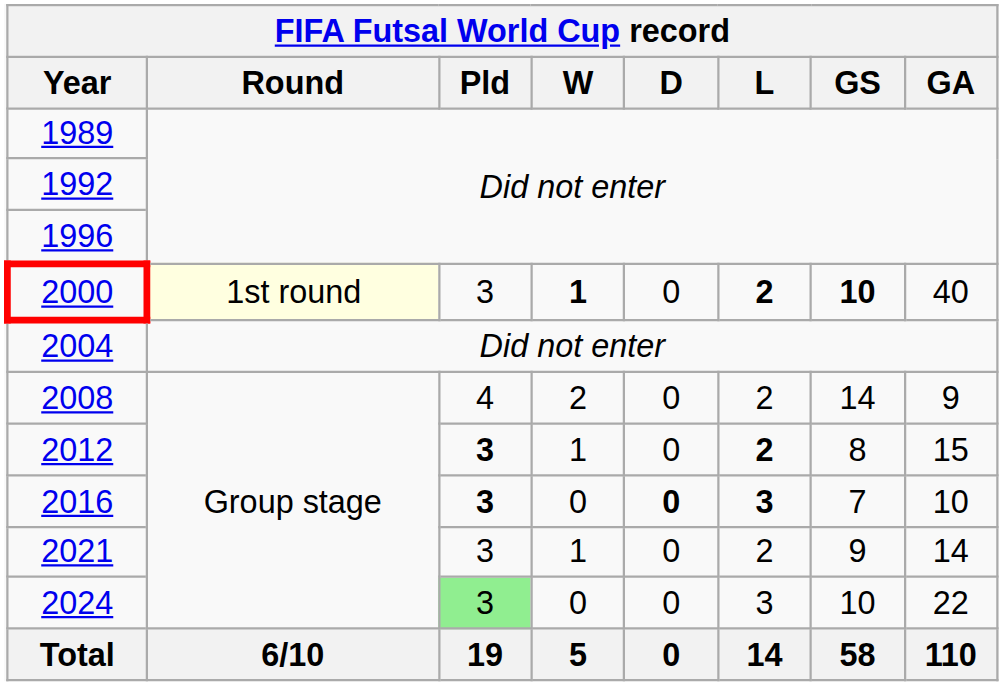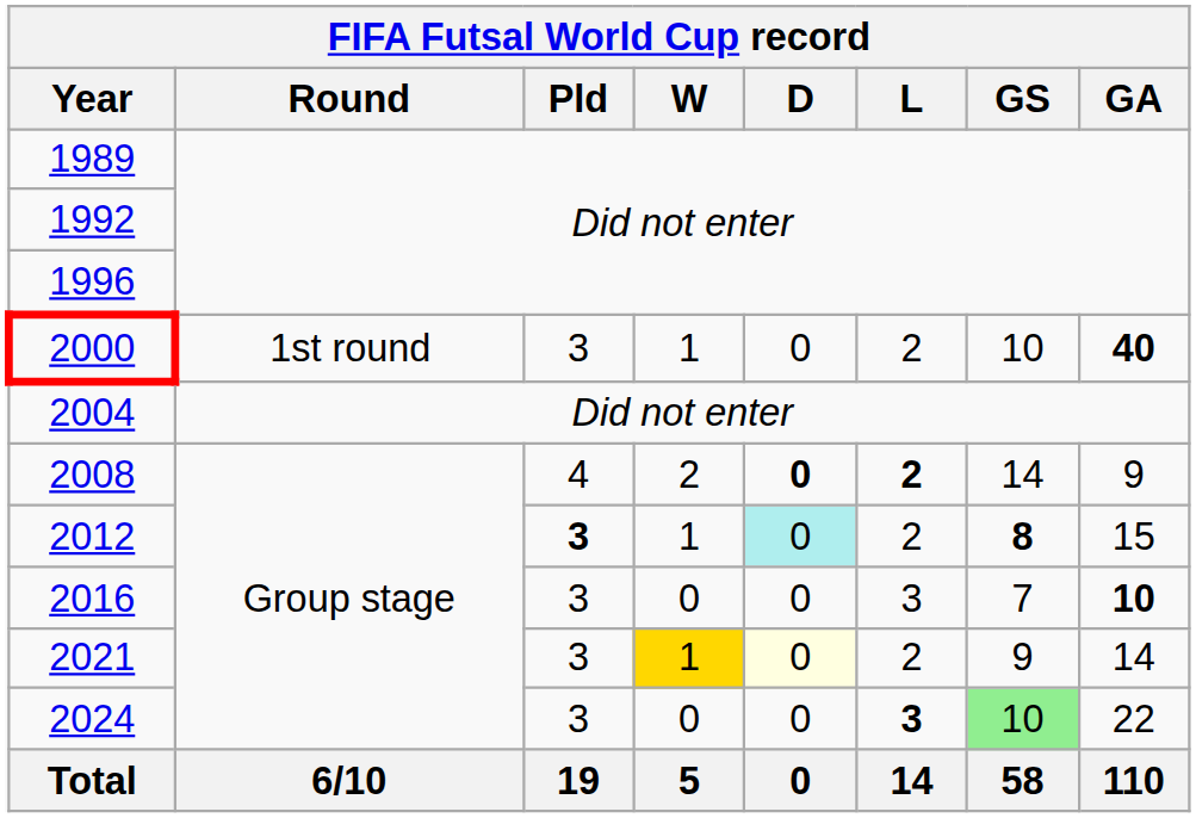 <table class="wikitable" width=50% style="text-align: center;font-size:90%;">
 <tr>
 <th colspan=9><a href='#'>FIFA Futsal World Cup</a> record</th>
 </tr>
 <tr>
 <th width=12%>Year</th>
 <th width=25%>Round</th>
 <th width=8%>Pld</th>
 <th width=8%>W</th>
 <th width=8%>D</th>
 <th width=8%>L</th>
 <th width=8%>GS</th>
 <th width=8%>GA</th>
 </tr>
 <tr>
 <td> <a href='#'>1989</a></td>
 <td rowspan=3 colspan=8><em>Did not enter</em></td>
 </tr>
 <tr>
 <td> <a href='#'>1992</a></td>
 </tr>
 <tr>
 <td> <a href='#'>1996</a></td>
 </tr>
 <tr>
 <td style="border: 3px solid red"> <a href='#'>2000</a></td>
-<td style="background: lightyellow;">1st round</td>
+<td>1st round</td>
 <td>3</td>
-<td><strong>1</strong></td>
+<td>1</td>
 <td>0</td>
-<td><strong>2</strong></td>
-<td><strong>10</strong></td>
-<td>40</td>
+<td>2</td>
+<td>10</td>
+<td><strong>40</strong></td>
 </tr>
 <tr>
 <td> <a href='#'>2004</a></td>
 <td colspan=8><em>Did not enter</em></td>
 </tr>
 <tr>
 <td> <a href='#'>2008</a></td>
 <td rowspan=5>Group stage</td>
 <td>4</td>
 <td>2</td>
-<td>0</td>
-<td>2</td>
+<td><strong>0</strong></td>
+<td><strong>2</strong></td>
 <td>14</td>
 <td>9</td>
 </tr>
 <tr>
 <td> <a href='#'>2012</a></td>
 <td><strong>3</strong></td>
 <td>1</td>
-<td>0</td>
-<td><strong>2</strong></td>
-<td>8</td>
+<td style="background: paleturquoise;">0</td>
+<td>2</td>
+<td><strong>8</strong></td>
 <td>15</td>
 </tr>
 <tr>
 <td> <a href='#'>2016</a></td>
-<td><strong>3</strong></td>
+<td>3</td>
 <td>0</td>
-<td><strong>0</strong></td>
-<td><strong>3</strong></td>
+<td>0</td>
+<td>3</td>
 <td>7</td>
-<td>10</td>
+<td><strong>10</strong></td>
 </tr>
 <tr>
 <td> <a href='#'>2021</a></td>
 <td>3</td>
-<td>1</td>
-<td>0</td>
+<td style="background: gold;">1</td>
+<td style="background: lightyellow;">0</td>
 <td>2</td>
 <td>9</td>
 <td>14</td>
 </tr>
 <tr>
 <td> <a href='#'>2024</a></td>
-<td style="background: lightgreen;">3</td>
+<td>3</td>
 <td>0</td>
 <td>0</td>
-<td>3</td>
-<td>10</td>
+<td><strong>3</strong></td>
+<td style="background: lightgreen;">10</td>
 <td>22</td>
 </tr>
 <tr>
 <th><strong>Total</strong></th>
 <th>6/10</th>
 <th>19</th>
 <th>5</th>
 <th>0</th>
 <th>14</th>
 <th>58</th>
 <th>110</th>
 </tr>
 </table>
